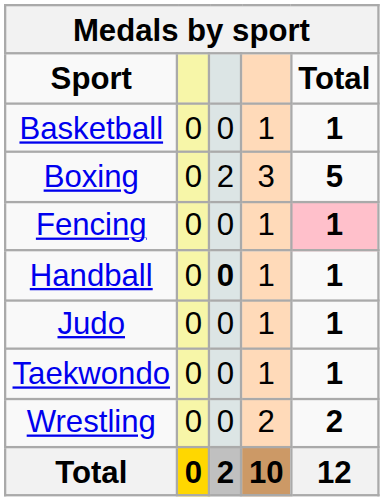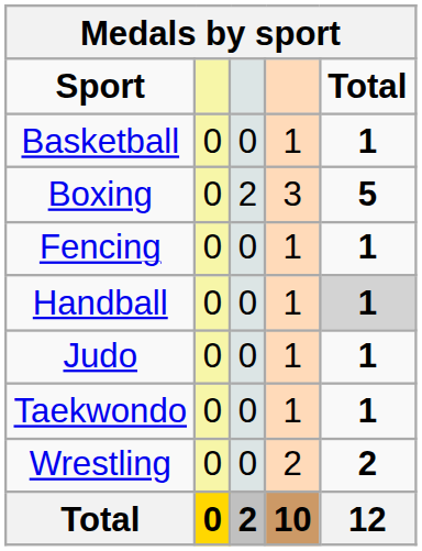 <table class="wikitable" style="font-size:85%; text-align:center;">
 <tr style="background:#efefef;">
 <th colspan=5><strong>Medals by sport</strong></th>
 </tr>
 <tr>
 <td><strong>Sport</strong></td>
 <td style="background:#f7f6a8;"></td>
 <td style="background:#dce5e5;"></td>
 <td style="background:#ffdab9;"></td>
 <td><strong>Total</strong></td>
 </tr>
 <tr>
 <td><a href='#'>Basketball</a></td>
 <td style="background:#F7F6A8;">0</td>
 <td style="background:#DCE5E5;">0</td>
 <td style="background:#FFDAB9;">1</td>
 <td><strong>1</strong></td>
 </tr>
 <tr>
 <td><a href='#'>Boxing</a></td>
 <td style="background:#F7F6A8;">0</td>
 <td style="background:#DCE5E5;">2</td>
 <td style="background:#FFDAB9;">3</td>
 <td><strong>5</strong></td>
 </tr>
 <tr>
 <td><a href='#'>Fencing</a></td>
 <td style="background:#F7F6A8;">0</td>
 <td style="background:#DCE5E5;">0</td>
 <td style="background:#FFDAB9;">1</td>
-<td style="background: pink;"><strong>1</strong></td>
+<td><strong>1</strong></td>
 </tr>
 <tr>
 <td><a href='#'>Handball</a></td>
 <td style="background:#F7F6A8;">0</td>
-<td style="background:#DCE5E5;"><strong>0</strong></td>
+<td style="background:#DCE5E5;">0</td>
 <td style="background:#FFDAB9;">1</td>
-<td><strong>1</strong></td>
+<td style="background: lightgrey;"><strong>1</strong></td>
 </tr>
 <tr>
 <td><a href='#'>Judo</a></td>
 <td style="background:#F7F6A8;">0</td>
 <td style="background:#DCE5E5;">0</td>
 <td style="background:#FFDAB9;">1</td>
 <td><strong>1</strong></td>
 </tr>
 <tr>
 <td><a href='#'>Taekwondo</a></td>
 <td style="background:#F7F6A8;">0</td>
 <td style="background:#DCE5E5;">0</td>
 <td style="background:#FFDAB9;">1</td>
 <td><strong>1</strong></td>
 </tr>
 <tr>
 <td><a href='#'>Wrestling</a></td>
 <td style="background:#F7F6A8;">0</td>
 <td style="background:#DCE5E5;">0</td>
 <td style="background:#FFDAB9;">2</td>
 <td><strong>2</strong></td>
 </tr>
 <tr>
 <th>Total</th>
 <th style="background:gold;"  >0</th>
 <th style="background:silver;">2</th>
 <th style="background:#c96;"  >10</th>
 <th>12</th>
 </tr>
 </table>
